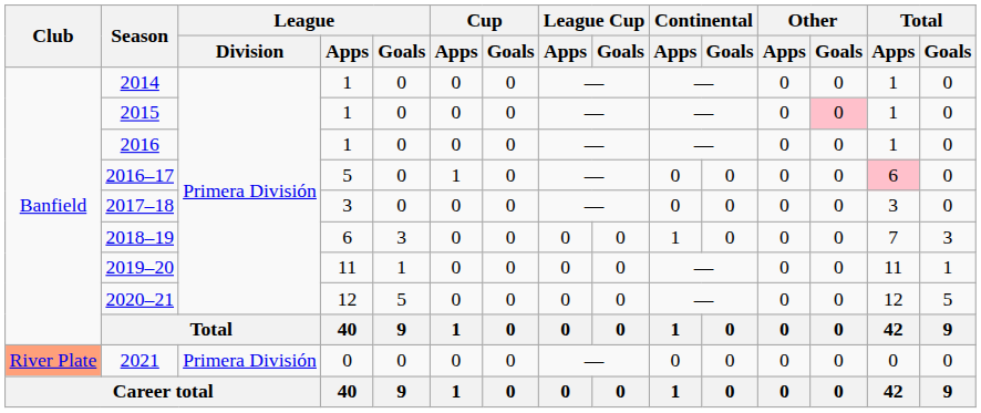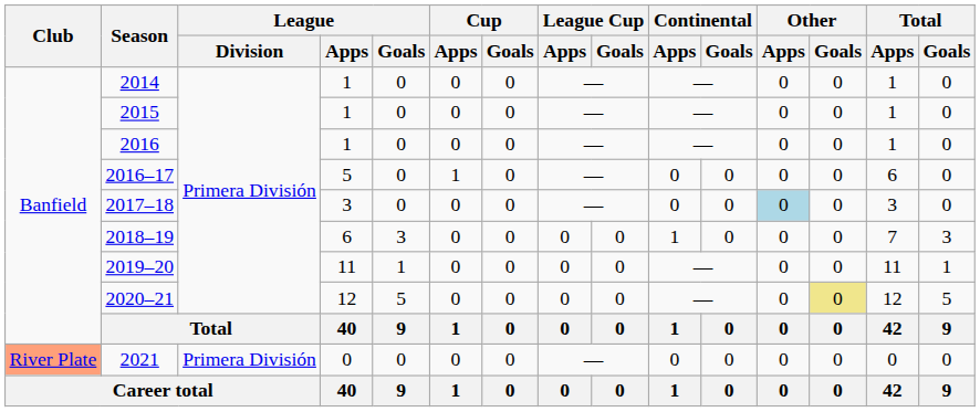 <table class="wikitable" style="text-align:center">
 <tr>
 <th rowspan="2">Club</th>
 <th rowspan="2">Season</th>
 <th colspan="3">League</th>
 <th colspan="2">Cup</th>
 <th colspan="2">League Cup</th>
 <th colspan="2">Continental</th>
 <th colspan="2">Other</th>
 <th colspan="2">Total</th>
 </tr>
 <tr>
 <th>Division</th>
 <th>Apps</th>
 <th>Goals</th>
 <th>Apps</th>
 <th>Goals</th>
 <th>Apps</th>
 <th>Goals</th>
 <th>Apps</th>
 <th>Goals</th>
 <th>Apps</th>
 <th>Goals</th>
 <th>Apps</th>
 <th>Goals</th>
 </tr>
 <tr>
 <td rowspan="9"><a href='#'>Banfield</a></td>
 <td><a href='#'>2014</a></td>
 <td rowspan="8"><a href='#'>Primera División</a></td>
 <td>1</td>
 <td>0</td>
 <td>0</td>
 <td>0</td>
 <td colspan="2">—</td>
 <td colspan="2">—</td>
 <td>0</td>
 <td>0</td>
 <td>1</td>
 <td>0</td>
 </tr>
 <tr>
 <td><a href='#'>2015</a></td>
 <td>1</td>
 <td>0</td>
 <td>0</td>
 <td>0</td>
 <td colspan="2">—</td>
 <td colspan="2">—</td>
 <td>0</td>
-<td style="background: pink;">0</td>
+<td>0</td>
 <td>1</td>
 <td>0</td>
 </tr>
 <tr>
 <td><a href='#'>2016</a></td>
 <td>1</td>
 <td>0</td>
 <td>0</td>
 <td>0</td>
 <td colspan="2">—</td>
 <td colspan="2">—</td>
 <td>0</td>
 <td>0</td>
 <td>1</td>
 <td>0</td>
 </tr>
 <tr>
 <td><a href='#'>2016–17</a></td>
 <td>5</td>
 <td>0</td>
 <td>1</td>
 <td>0</td>
 <td colspan="2">—</td>
 <td>0</td>
 <td>0</td>
 <td>0</td>
 <td>0</td>
-<td style="background: pink;">6</td>
+<td>6</td>
 <td>0</td>
 </tr>
 <tr>
 <td><a href='#'>2017–18</a></td>
 <td>3</td>
 <td>0</td>
 <td>0</td>
 <td>0</td>
 <td colspan="2">—</td>
 <td>0</td>
 <td>0</td>
-<td>0</td>
+<td style="background: lightblue;">0</td>
 <td>0</td>
 <td>3</td>
 <td>0</td>
 </tr>
 <tr>
 <td><a href='#'>2018–19</a></td>
 <td>6</td>
 <td>3</td>
 <td>0</td>
 <td>0</td>
 <td>0</td>
 <td>0</td>
 <td>1</td>
 <td>0</td>
 <td>0</td>
 <td>0</td>
 <td>7</td>
 <td>3</td>
 </tr>
 <tr>
 <td><a href='#'>2019–20</a></td>
 <td>11</td>
 <td>1</td>
 <td>0</td>
 <td>0</td>
 <td>0</td>
 <td>0</td>
 <td colspan="2">—</td>
 <td>0</td>
 <td>0</td>
 <td>11</td>
 <td>1</td>
 </tr>
 <tr>
 <td><a href='#'>2020–21</a></td>
 <td>12</td>
 <td>5</td>
 <td>0</td>
 <td>0</td>
 <td>0</td>
 <td>0</td>
 <td colspan="2">—</td>
 <td>0</td>
-<td>0</td>
+<td style="background: khaki;">0</td>
 <td>12</td>
 <td>5</td>
 </tr>
 <tr>
 <th colspan="2">Total</th>
 <th>40</th>
 <th>9</th>
 <th>1</th>
 <th>0</th>
 <th>0</th>
 <th>0</th>
 <th>1</th>
 <th>0</th>
 <th>0</th>
 <th>0</th>
 <th>42</th>
 <th>9</th>
 </tr>
 <tr>
 <td rowspan="1" style="background: lightsalmon;"><a href='#'>River Plate</a></td>
 <td><a href='#'>2021</a></td>
 <td rowspan="1"><a href='#'>Primera División</a></td>
 <td>0</td>
 <td>0</td>
 <td>0</td>
 <td>0</td>
 <td colspan="2">—</td>
 <td>0</td>
 <td>0</td>
 <td>0</td>
 <td>0</td>
 <td>0</td>
 <td>0</td>
 </tr>
 <tr>
 <th colspan="3">Career total</th>
 <th>40</th>
 <th>9</th>
 <th>1</th>
 <th>0</th>
 <th>0</th>
 <th>0</th>
 <th>1</th>
 <th>0</th>
 <th>0</th>
 <th>0</th>
 <th>42</th>
 <th>9</th>
 </tr>
 </table>
